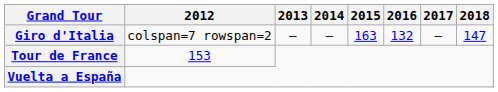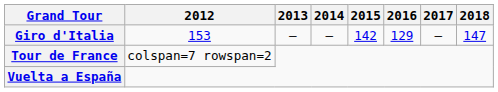 <table class="wikitable plainrowheaders">
 <tr>
 <th scope="col"><a href='#'>Grand Tour</a></th>
 <th scope="col">2012</th>
 <th scope="col">2013</th>
 <th scope="col">2014</th>
 <th scope="col">2015</th>
 <th scope="col">2016</th>
 <th scope="col">2017</th>
 <th scope="col">2018</th>
 </tr>
 <tr style="text-align:center;">
 <th scope="row"> <a href='#'>Giro d'Italia</a></th>
-<td>colspan=7 rowspan=2 </td>
+<td><a href='#'>153</a></td>
 <td>—</td>
 <td>—</td>
-<td><a href='#'>163</a></td>
-<td><a href='#'>132</a></td>
+<td><a href='#'>142</a></td>
+<td><a href='#'>129</a></td>
 <td>—</td>
 <td><a href='#'>147</a></td>
 </tr>
 <tr style="text-align:center;">
 <th scope="row"> <a href='#'>Tour de France</a></th>
-<td><a href='#'>153</a></td>
+<td>colspan=7 rowspan=2 </td>
 </tr>
 <tr style="text-align:center;">
 <th scope="row"> <a href='#'>Vuelta a España</a></th>
 </tr>
 </table>
